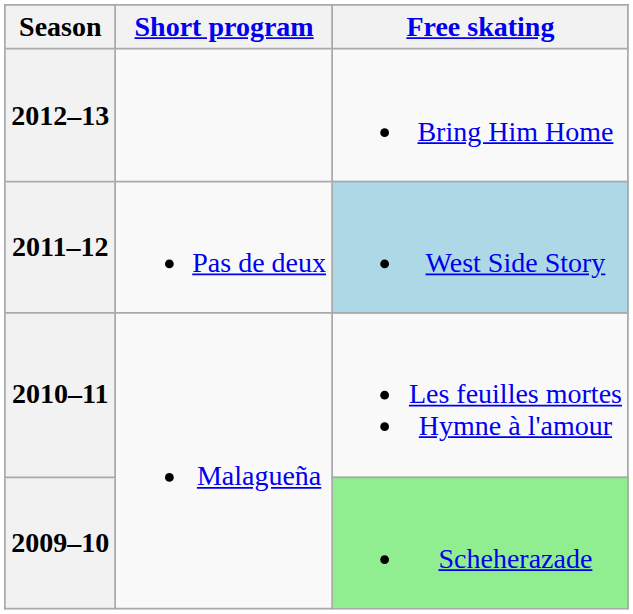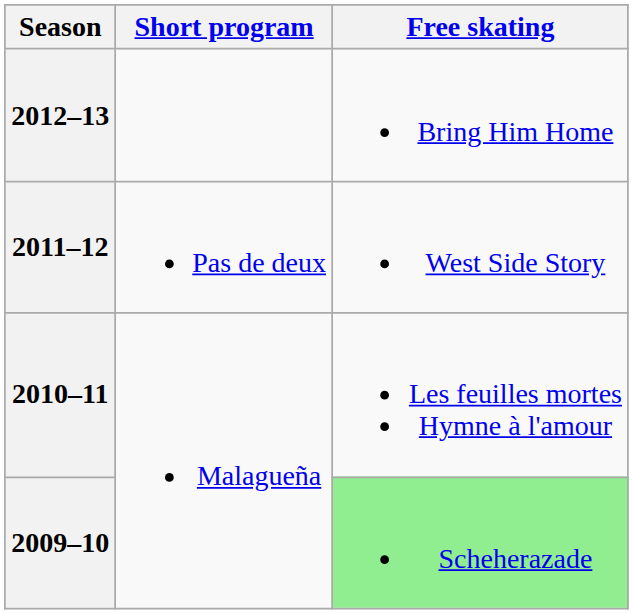 <table class="wikitable" style="text-align:center">
 <tr>
 <th>Season</th>
 <th><a href='#'>Short program</a></th>
 <th><a href='#'>Free skating</a></th>
 </tr>
 <tr>
 <th>2012–13</th>
 <td></td>
 <td><br><ul><li><a href='#'>Bring Him Home</a> <br></li></ul></td>
 </tr>
 <tr>
 <th>2011–12 <br> </th>
 <td><br><ul><li><a href='#'>Pas de deux</a> <br></li></ul></td>
-<td style="background: lightblue;"><br><ul><li><a href='#'>West Side Story</a> <br></li></ul></td>
+<td><br><ul><li><a href='#'>West Side Story</a> <br></li></ul></td>
 </tr>
 <tr>
 <th>2010–11 <br> </th>
 <td rowspan=2><br><ul><li><a href='#'>Malagueña</a> <br></li></ul></td>
 <td><br><ul><li><a href='#'>Les feuilles mortes</a></li><li><a href='#'>Hymne à l'amour</a></li></ul></td>
 </tr>
 <tr>
 <th>2009–10 <br> </th>
 <td style="background: lightgreen;"><br><ul><li><a href='#'>Scheherazade</a> <br></li></ul></td>
 </tr>
 </table>
